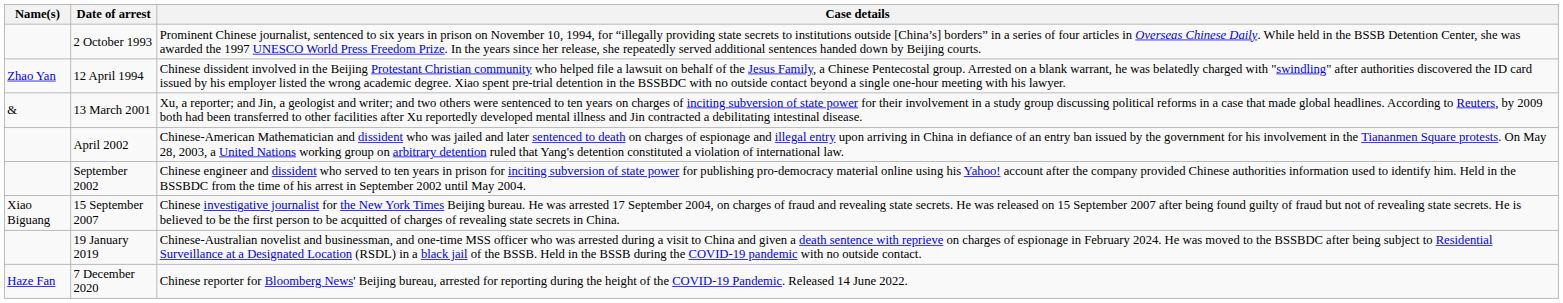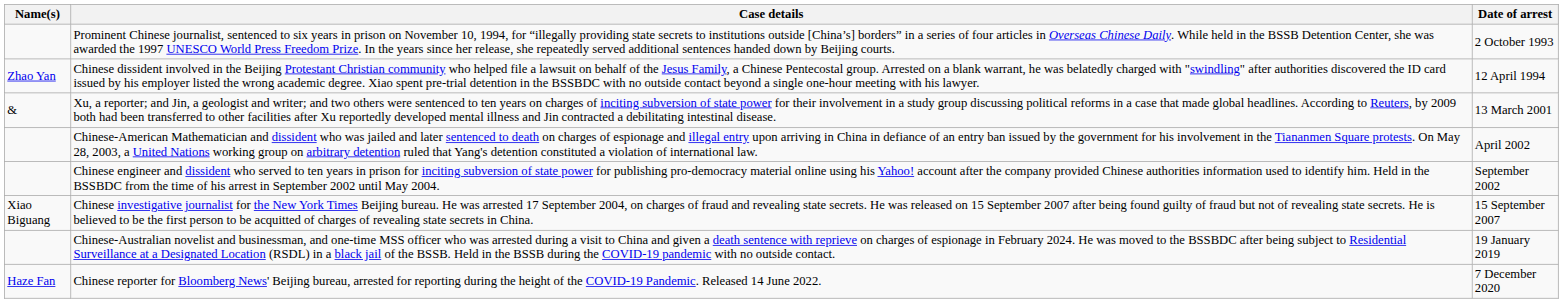 <table class="wikitable">
 <tr>
 <th>Name(s)</th>
+<th>Case details</th>
 <th>Date of arrest</th>
-<th>Case details</th>
 </tr>
 <tr>
 <td></td>
+<td>Prominent Chinese journalist, sentenced to six years in prison on November 10, 1994, for “illegally providing state secrets to institutions outside [China’s] borders” in a series of four articles in <em><a href='#'>Overseas Chinese Daily</a></em>. While held in the BSSB Detention Center, she was awarded the 1997 <a href='#'>UNESCO World Press Freedom Prize</a>. In the years since her release, she repeatedly served additional sentences handed down by Beijing courts.</td>
 <td>2 October 1993</td>
-<td>Prominent Chinese journalist, sentenced to six years in prison on November 10, 1994, for “illegally providing state secrets to institutions outside [China’s] borders” in a series of four articles in <em><a href='#'>Overseas Chinese Daily</a></em>. While held in the BSSB Detention Center, she was awarded the 1997 <a href='#'>UNESCO World Press Freedom Prize</a>. In the years since her release, she repeatedly served additional sentences handed down by Beijing courts.</td>
 </tr>
 <tr>
 <td><a href='#'>Zhao Yan</a></td>
+<td>Chinese dissident involved in the Beijing <a href='#'>Protestant Christian community</a> who helped file a lawsuit on behalf of the <a href='#'>Jesus Family</a>, a Chinese Pentecostal group. Arrested on a blank warrant, he was belatedly charged with "<a href='#'>swindling</a>" after authorities discovered the ID card issued by his employer listed the wrong academic degree. Xiao spent pre-trial detention in the BSSBDC with no outside contact beyond a single one-hour meeting with his lawyer.</td>
 <td>12 April 1994</td>
-<td>Chinese dissident involved in the Beijing <a href='#'>Protestant Christian community</a> who helped file a lawsuit on behalf of the <a href='#'>Jesus Family</a>, a Chinese Pentecostal group. Arrested on a blank warrant, he was belatedly charged with "<a href='#'>swindling</a>" after authorities discovered the ID card issued by his employer listed the wrong academic degree. Xiao spent pre-trial detention in the BSSBDC with no outside contact beyond a single one-hour meeting with his lawyer.</td>
 </tr>
 <tr>
 <td> & </td>
+<td>Xu, a reporter; and Jin, a  geologist and writer; and two others were sentenced to ten years on charges of <a href='#'>inciting subversion of state power</a> for their involvement in a study group discussing political reforms in a case that made global headlines. According to <a href='#'>Reuters</a>, by 2009 both had been transferred to other facilities after Xu reportedly developed mental illness and Jin contracted a debilitating intestinal disease.</td>
 <td>13 March  2001</td>
-<td>Xu, a reporter; and Jin, a  geologist and writer; and two others were sentenced to ten years on charges of <a href='#'>inciting subversion of state power</a> for their involvement in a study group discussing political reforms in a case that made global headlines. According to <a href='#'>Reuters</a>, by 2009 both had been transferred to other facilities after Xu reportedly developed mental illness and Jin contracted a debilitating intestinal disease.</td>
 </tr>
 <tr>
 <td></td>
+<td>Chinese-American Mathematician and <a href='#'>dissident</a> who was jailed and later <a href='#'>sentenced to death</a> on charges of espionage and <a href='#'>illegal entry</a> upon arriving in China in defiance of an entry ban issued by the government for his involvement in the <a href='#'>Tiananmen Square protests</a>. On May 28, 2003, a <a href='#'>United Nations</a> working group on <a href='#'>arbitrary detention</a> ruled that Yang's detention constituted a violation of international law.</td>
 <td>April 2002</td>
-<td>Chinese-American Mathematician and <a href='#'>dissident</a> who was jailed and later <a href='#'>sentenced to death</a> on charges of espionage and <a href='#'>illegal entry</a> upon arriving in China in defiance of an entry ban issued by the government for his involvement in the <a href='#'>Tiananmen Square protests</a>. On May 28, 2003, a <a href='#'>United Nations</a> working group on <a href='#'>arbitrary detention</a> ruled that Yang's detention constituted a violation of international law.</td>
 </tr>
 <tr>
 <td></td>
+<td>Chinese engineer and <a href='#'>dissident</a> who served to ten years in prison for <a href='#'>inciting subversion of state power</a> for publishing pro-democracy material online using his <a href='#'>Yahoo!</a> account after the company provided Chinese authorities information used to identify him. Held in the BSSBDC from the time of his arrest in September 2002 until May 2004.</td>
 <td>September 2002</td>
-<td>Chinese engineer and <a href='#'>dissident</a> who served to ten years in prison for <a href='#'>inciting subversion of state power</a> for publishing pro-democracy material online using his <a href='#'>Yahoo!</a> account after the company provided Chinese authorities information used to identify him. Held in the BSSBDC from the time of his arrest in September 2002 until May 2004.</td>
 </tr>
 <tr>
 <td>Xiao Biguang</td>
+<td>Chinese <a href='#'>investigative journalist</a> for <a href='#'>the New York Times</a> Beijing bureau. He was arrested 17 September 2004, on charges of fraud and revealing state secrets. He was released on 15 September 2007 after being found guilty of fraud but not of revealing state secrets. He is believed to be the first person to be acquitted of charges of revealing state secrets in China.</td>
 <td>15 September 2007</td>
-<td>Chinese <a href='#'>investigative journalist</a> for <a href='#'>the New York Times</a> Beijing bureau. He was arrested 17 September 2004, on charges of fraud and revealing state secrets. He was released on 15 September 2007 after being found guilty of fraud but not of revealing state secrets. He is believed to be the first person to be acquitted of charges of revealing state secrets in China.</td>
 </tr>
 <tr>
 <td></td>
+<td>Chinese-Australian novelist and businessman, and one-time MSS officer who was arrested during a visit to China and given a <a href='#'>death sentence with reprieve</a> on charges of espionage in February 2024. He was moved to the BSSBDC after being subject to <a href='#'>Residential Surveillance at a Designated Location</a> (RSDL) in a <a href='#'>black jail</a> of the BSSB. Held in the BSSB during the <a href='#'>COVID-19 pandemic</a> with no outside contact.</td>
 <td>19 January 2019</td>
-<td>Chinese-Australian novelist and businessman, and one-time MSS officer who was arrested during a visit to China and given a <a href='#'>death sentence with reprieve</a> on charges of espionage in February 2024. He was moved to the BSSBDC after being subject to <a href='#'>Residential Surveillance at a Designated Location</a> (RSDL) in a <a href='#'>black jail</a> of the BSSB. Held in the BSSB during the <a href='#'>COVID-19 pandemic</a> with no outside contact.</td>
 </tr>
 <tr>
 <td><a href='#'>Haze Fan</a></td>
+<td>Chinese reporter for <a href='#'>Bloomberg News</a>' Beijing bureau, arrested for reporting during the height of the <a href='#'>COVID-19 Pandemic</a>. Released 14 June 2022.</td>
 <td>7 December 2020</td>
-<td>Chinese reporter for <a href='#'>Bloomberg News</a>' Beijing bureau, arrested for reporting during the height of the <a href='#'>COVID-19 Pandemic</a>. Released 14 June 2022.</td>
 </tr>
 </table>
